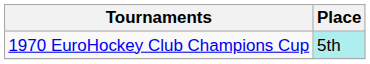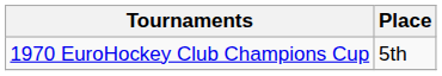 <table class="wikitable collapsible">
 <tr>
 <th>Tournaments</th>
 <th>Place</th>
 </tr>
 <tr>
 <td><a href='#'>1970 EuroHockey Club Champions Cup</a></td>
-<td style="background: paleturquoise;">5th</td>
+<td>5th</td>
 </tr>
 <tr>
 </tr>
 </table>
